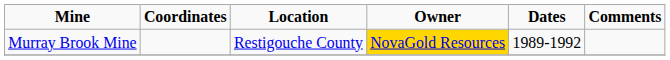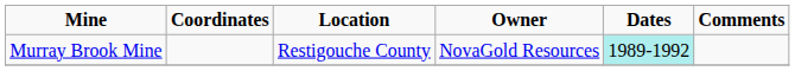 <table class="sortable wikitable">
 <tr align="center">
 <td><strong>Mine</strong></td>
 <td><strong>Coordinates</strong></td>
 <td><strong>Location</strong></td>
 <td><strong>Owner</strong></td>
 <td><strong>Dates</strong></td>
 <td><strong>Comments</strong></td>
 </tr>
 <tr>
 <td><a href='#'>Murray Brook Mine</a></td>
 <td></td>
 <td><a href='#'>Restigouche County</a></td>
-<td style="background: gold;"><a href='#'>NovaGold Resources</a></td>
-<td>1989-1992</td>
+<td><a href='#'>NovaGold Resources</a></td>
+<td style="background: paleturquoise;">1989-1992</td>
 <td></td>
 </tr>
 <tr>
 </tr>
 </table>
